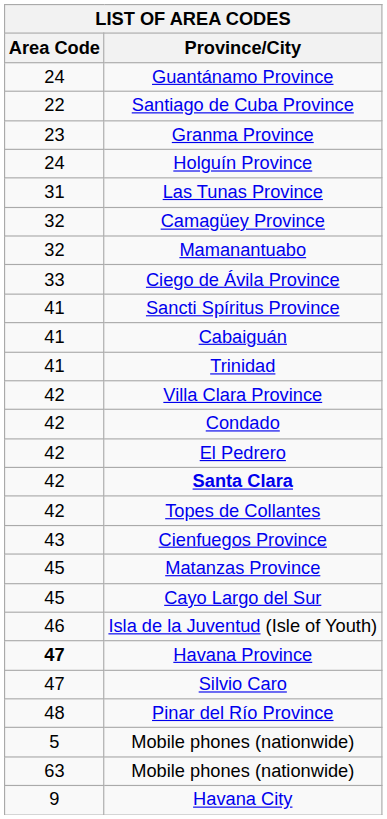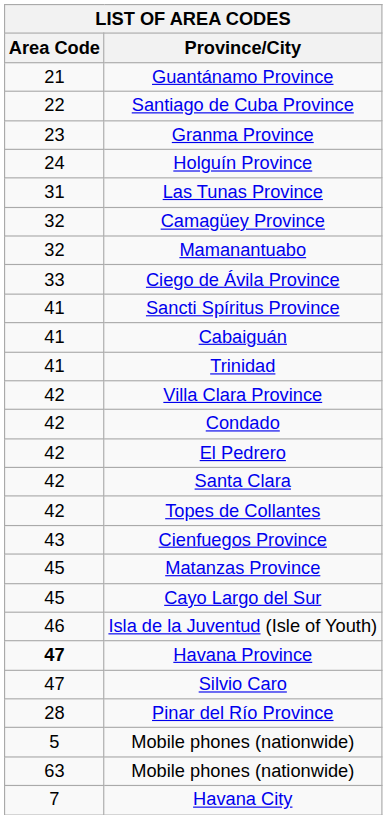 <table class="wikitable" border=1>
 <tr>
 <th colspan="2">LIST OF AREA CODES</th>
 </tr>
 <tr>
 <th>Area Code</th>
 <th>Province/City</th>
 </tr>
 <tr>
-<td align="center">24</td>
+<td align="center">21</td>
 <td align="center"><a href='#'>Guantánamo Province</a></td>
 </tr>
 <tr>
 <td align="center">22</td>
 <td align="center"><a href='#'>Santiago de Cuba Province</a></td>
 </tr>
 <tr>
 <td align="center">23</td>
 <td align="center"><a href='#'>Granma Province</a></td>
 </tr>
 <tr>
 <td align="center">24</td>
 <td align="center"><a href='#'>Holguín Province</a></td>
 </tr>
 <tr>
 <td align="center">31</td>
 <td align="center"><a href='#'>Las Tunas Province</a></td>
 </tr>
 <tr>
 <td align="center">32</td>
 <td align="center"><a href='#'>Camagüey Province</a></td>
 </tr>
 <tr>
 <td align="center">32</td>
 <td align="center"><a href='#'>Mamanantuabo</a></td>
 </tr>
 <tr>
 <td align="center">33</td>
 <td align="center"><a href='#'>Ciego de Ávila Province</a></td>
 </tr>
 <tr>
 <td align="center">41</td>
 <td align="center"><a href='#'>Sancti Spíritus Province</a></td>
 </tr>
 <tr>
 <td align="center">41</td>
 <td align="center"><a href='#'>Cabaiguán</a></td>
 </tr>
 <tr>
 <td align="center">41</td>
 <td align="center"><a href='#'>Trinidad</a></td>
 </tr>
 <tr>
 <td align="center">42</td>
 <td align="center"><a href='#'>Villa Clara Province</a></td>
 </tr>
 <tr>
 <td align="center">42</td>
 <td align="center"><a href='#'>Condado</a></td>
 </tr>
 <tr>
 <td align="center">42</td>
 <td align="center"><a href='#'>El Pedrero</a></td>
 </tr>
 <tr>
 <td align="center">42</td>
-<td align="center"><strong><a href='#'>Santa Clara</a></strong></td>
+<td align="center"><a href='#'>Santa Clara</a></td>
 </tr>
 <tr>
 <td align="center">42</td>
 <td align="center"><a href='#'>Topes de Collantes</a></td>
 </tr>
 <tr>
 <td align="center">43</td>
 <td align="center"><a href='#'>Cienfuegos Province</a></td>
 </tr>
 <tr>
 <td align="center">45</td>
 <td align="center"><a href='#'>Matanzas Province</a></td>
 </tr>
 <tr>
 <td align="center">45</td>
 <td align="center"><a href='#'>Cayo Largo del Sur</a></td>
 </tr>
 <tr>
 <td align="center">46</td>
 <td align="center"><a href='#'>Isla de la Juventud</a> (Isle of Youth)</td>
 </tr>
 <tr>
 <td align="center"><strong>47</strong></td>
 <td align="center"><a href='#'>Havana Province</a></td>
 </tr>
 <tr>
 <td align="center">47</td>
 <td align="center"><a href='#'>Silvio Caro</a></td>
 </tr>
 <tr>
-<td align="center">48</td>
+<td align="center">28</td>
 <td align="center"><a href='#'>Pinar del Río Province</a></td>
 </tr>
 <tr>
 <td align="center">5</td>
 <td align="center">Mobile phones (nationwide)</td>
 </tr>
 <tr>
 <td align="center">63</td>
 <td align="center">Mobile phones (nationwide)</td>
 </tr>
 <tr>
-<td align="center">9</td>
+<td align="center">7</td>
 <td align="center"><a href='#'>Havana City</a></td>
 </tr>
 </table>
